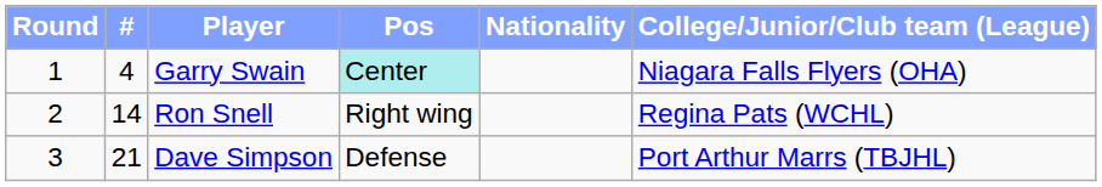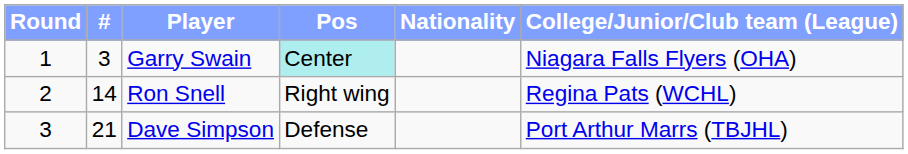 <table class="wikitable">
 <tr>
 <th style="color:white; background:#80A0FF; ">Round</th>
 <th style="color:white; background:#80A0FF; ">#</th>
 <th style="color:white; background:#80A0FF; ">Player</th>
 <th style="color:white; background:#80A0FF; ">Pos</th>
 <th style="color:white; background:#80A0FF; ">Nationality</th>
 <th style="color:white; background:#80A0FF; ">College/Junior/Club team (League)</th>
 </tr>
 <tr>
 <td style="text-align:center">1</td>
-<td style="text-align:center">4</td>
+<td style="text-align:center">3</td>
 <td><a href='#'>Garry Swain</a></td>
 <td style="background: paleturquoise;">Center</td>
 <td></td>
 <td><a href='#'>Niagara Falls Flyers</a> (<a href='#'>OHA</a>)</td>
 </tr>
 <tr>
 <td style="text-align:center">2</td>
 <td style="text-align:center">14</td>
 <td><a href='#'>Ron Snell</a></td>
 <td>Right wing</td>
 <td></td>
 <td><a href='#'>Regina Pats</a> (<a href='#'>WCHL</a>)</td>
 </tr>
 <tr>
 <td style="text-align:center">3</td>
 <td style="text-align:center">21</td>
 <td><a href='#'>Dave Simpson</a></td>
 <td>Defense</td>
 <td></td>
 <td><a href='#'>Port Arthur Marrs</a> (<a href='#'>TBJHL</a>)</td>
 </tr>
 </table>
